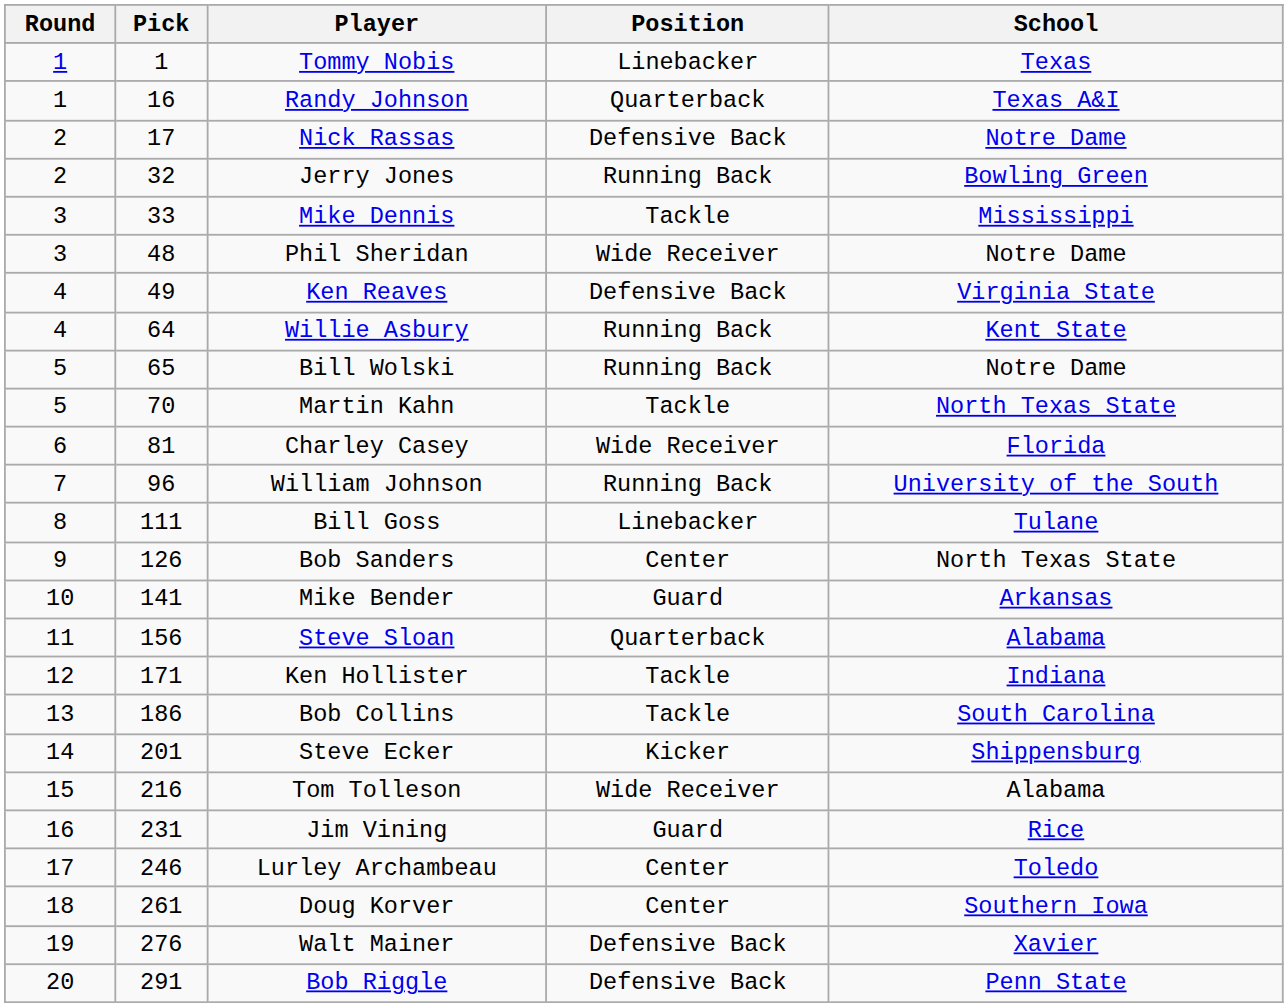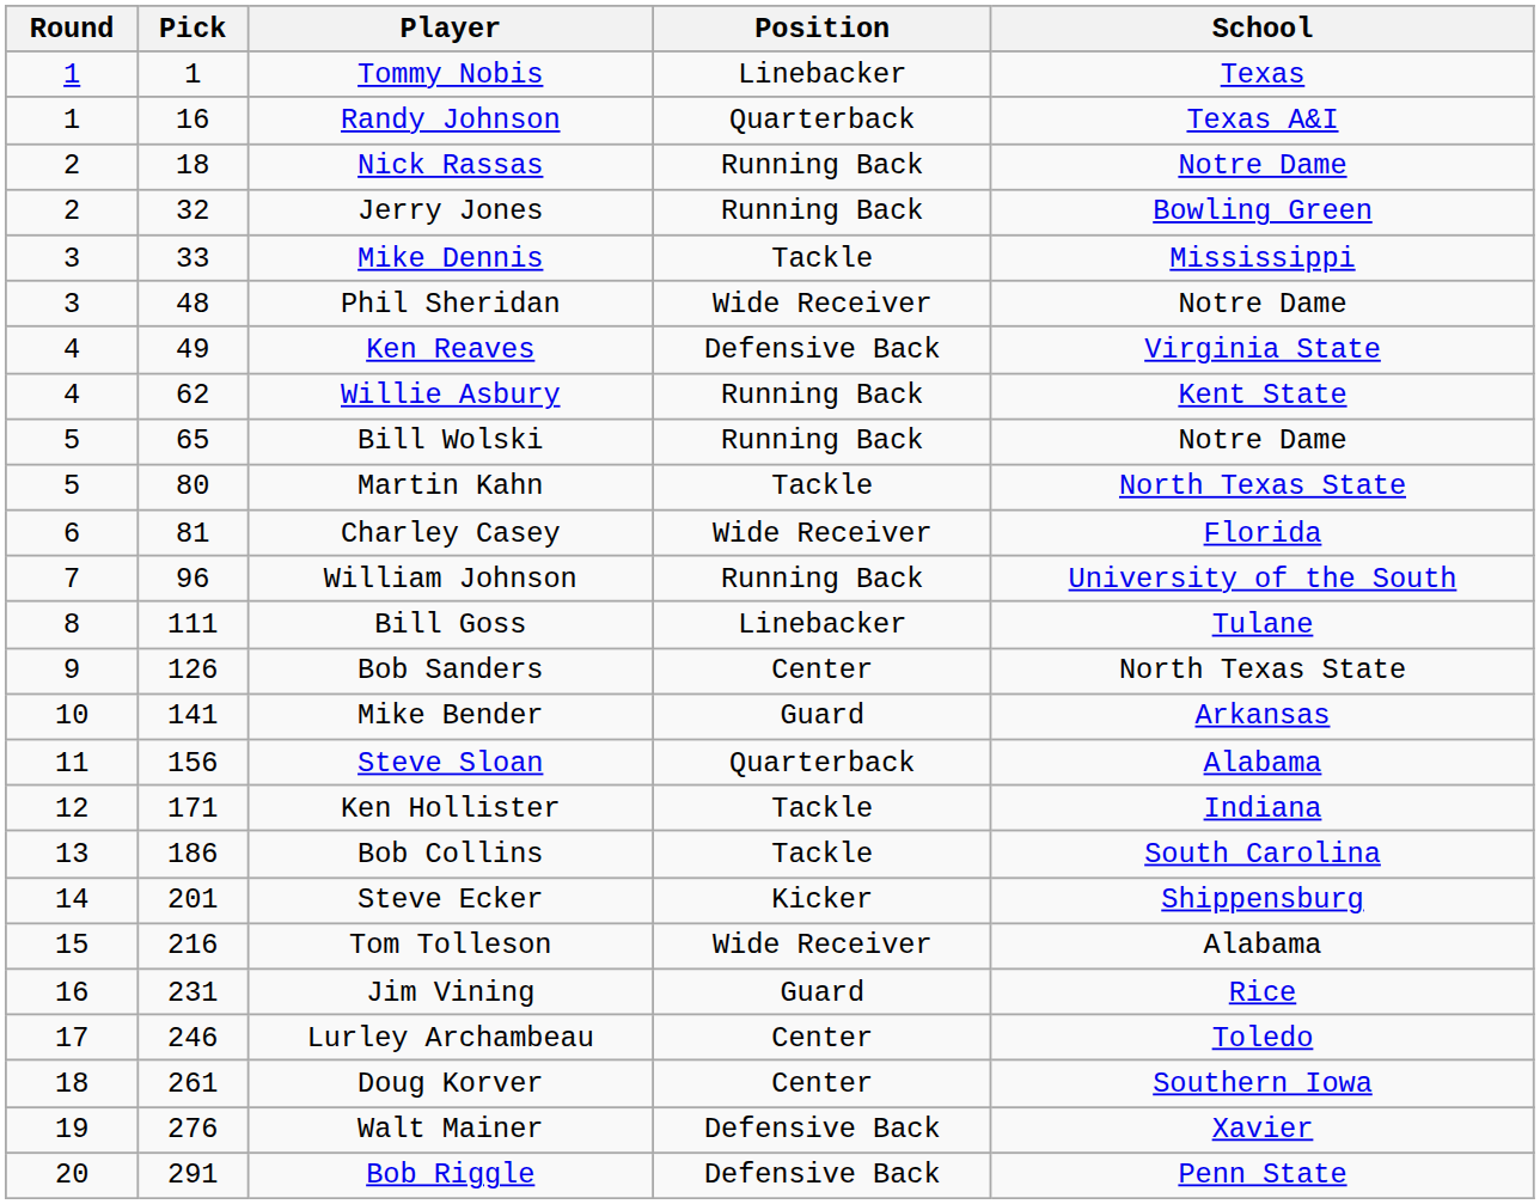 <table class="wikitable" style="min-width:80%;">
 <tr>
 <th>Round</th>
 <th>Pick</th>
 <th>Player</th>
 <th>Position</th>
 <th>School</th>
 </tr>
 <tr style="text-align:center;" bgcolor="">
 <td><a href='#'>1</a></td>
 <td>1</td>
 <td><a href='#'>Tommy Nobis</a></td>
 <td>Linebacker</td>
 <td><a href='#'>Texas</a></td>
 </tr>
 <tr style="text-align:center;" bgcolor="">
 <td>1</td>
 <td>16</td>
 <td><a href='#'>Randy Johnson</a></td>
 <td>Quarterback</td>
 <td><a href='#'>Texas A&I</a></td>
 </tr>
 <tr style="text-align:center;" bgcolor="">
 <td>2</td>
-<td>17</td>
+<td>18</td>
 <td><a href='#'>Nick Rassas</a></td>
-<td>Defensive Back</td>
+<td>Running Back</td>
 <td><a href='#'>Notre Dame</a></td>
 </tr>
 <tr style="text-align:center;" bgcolor="">
 <td>2</td>
 <td>32</td>
 <td>Jerry Jones</td>
 <td>Running Back</td>
 <td><a href='#'>Bowling Green</a></td>
 </tr>
 <tr style="text-align:center;" bgcolor="">
 <td>3</td>
 <td>33</td>
 <td><a href='#'>Mike Dennis</a></td>
 <td>Tackle</td>
 <td><a href='#'>Mississippi</a></td>
 </tr>
 <tr style="text-align:center;" bgcolor="">
 <td>3</td>
 <td>48</td>
 <td>Phil Sheridan</td>
 <td>Wide Receiver</td>
 <td>Notre Dame</td>
 </tr>
 <tr style="text-align:center;" bgcolor="">
 <td>4</td>
 <td>49</td>
 <td><a href='#'>Ken Reaves</a></td>
 <td>Defensive Back</td>
 <td><a href='#'>Virginia State</a></td>
 </tr>
 <tr style="text-align:center;" bgcolor="">
 <td>4</td>
-<td>64</td>
+<td>62</td>
 <td><a href='#'>Willie Asbury</a></td>
 <td>Running Back</td>
 <td><a href='#'>Kent State</a></td>
 </tr>
 <tr style="text-align:center;" bgcolor="">
 <td>5</td>
 <td>65</td>
 <td>Bill Wolski</td>
 <td>Running Back</td>
 <td>Notre Dame</td>
 </tr>
 <tr style="text-align:center;" bgcolor="">
 <td>5</td>
-<td>70</td>
+<td>80</td>
 <td>Martin Kahn</td>
 <td>Tackle</td>
 <td><a href='#'>North Texas State</a></td>
 </tr>
 <tr style="text-align:center;" bgcolor="">
 <td>6</td>
 <td>81</td>
 <td>Charley Casey</td>
 <td>Wide Receiver</td>
 <td><a href='#'>Florida</a></td>
 </tr>
 <tr style="text-align:center;" bgcolor="">
 <td>7</td>
 <td>96</td>
 <td>William Johnson</td>
 <td>Running Back</td>
 <td><a href='#'>University of the South</a></td>
 </tr>
 <tr style="text-align:center;" bgcolor="">
 <td>8</td>
 <td>111</td>
 <td>Bill Goss</td>
 <td>Linebacker</td>
 <td><a href='#'>Tulane</a></td>
 </tr>
 <tr style="text-align:center;" bgcolor="">
 <td>9</td>
 <td>126</td>
 <td>Bob Sanders</td>
 <td>Center</td>
 <td>North Texas State</td>
 </tr>
 <tr style="text-align:center;" bgcolor="">
 <td>10</td>
 <td>141</td>
 <td>Mike Bender</td>
 <td>Guard</td>
 <td><a href='#'>Arkansas</a></td>
 </tr>
 <tr style="text-align:center;" bgcolor="">
 <td>11</td>
 <td>156</td>
 <td><a href='#'>Steve Sloan</a></td>
 <td>Quarterback</td>
 <td><a href='#'>Alabama</a></td>
 </tr>
 <tr style="text-align:center;" bgcolor="">
 <td>12</td>
 <td>171</td>
 <td>Ken Hollister</td>
 <td>Tackle</td>
 <td><a href='#'>Indiana</a></td>
 </tr>
 <tr style="text-align:center;" bgcolor="">
 <td>13</td>
 <td>186</td>
 <td>Bob Collins</td>
 <td>Tackle</td>
 <td><a href='#'>South Carolina</a></td>
 </tr>
 <tr style="text-align:center;" bgcolor="">
 <td>14</td>
 <td>201</td>
 <td>Steve Ecker</td>
 <td>Kicker</td>
 <td><a href='#'>Shippensburg</a></td>
 </tr>
 <tr style="text-align:center;" bgcolor="">
 <td>15</td>
 <td>216</td>
 <td>Tom Tolleson</td>
 <td>Wide Receiver</td>
 <td>Alabama</td>
 </tr>
 <tr style="text-align:center;" bgcolor="">
 <td>16</td>
 <td>231</td>
 <td>Jim Vining</td>
 <td>Guard</td>
 <td><a href='#'>Rice</a></td>
 </tr>
 <tr style="text-align:center;" bgcolor="">
 <td>17</td>
 <td>246</td>
 <td>Lurley Archambeau</td>
 <td>Center</td>
 <td><a href='#'>Toledo</a></td>
 </tr>
 <tr style="text-align:center;" bgcolor="">
 <td>18</td>
 <td>261</td>
 <td>Doug Korver</td>
 <td>Center</td>
 <td><a href='#'>Southern Iowa</a></td>
 </tr>
 <tr style="text-align:center;" bgcolor="">
 <td>19</td>
 <td>276</td>
 <td>Walt Mainer</td>
 <td>Defensive Back</td>
 <td><a href='#'>Xavier</a></td>
 </tr>
 <tr style="text-align:center;" bgcolor="">
 <td>20</td>
 <td>291</td>
 <td><a href='#'>Bob Riggle</a></td>
 <td>Defensive Back</td>
 <td><a href='#'>Penn State</a></td>
 </tr>
 </table>
